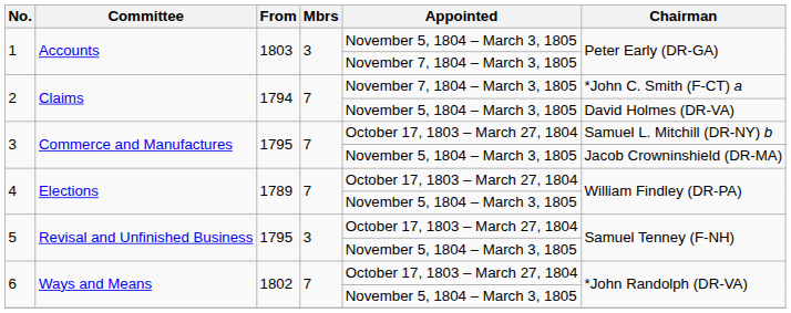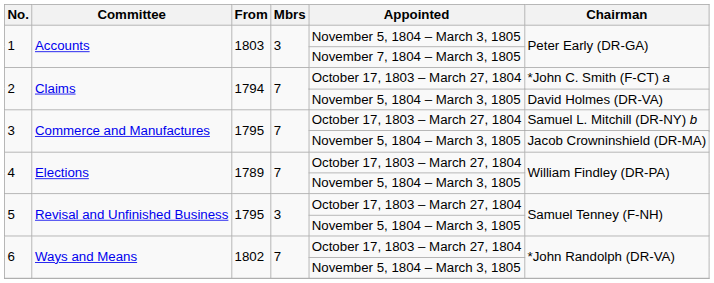 <table class="wikitable">
 <tr valign=bottom>
 <th>No.</th>
 <th>Committee</th>
 <th>From</th>
 <th>Mbrs</th>
 <th>Appointed</th>
 <th>Chairman</th>
 </tr>
 <tr>
 <td rowspan=2>1</td>
 <td rowspan=2><a href='#'>Accounts</a></td>
 <td rowspan=2>1803</td>
 <td rowspan=2>3</td>
 <td>November 5, 1804 – March 3, 1805</td>
 <td rowspan=2>Peter Early (DR-GA)</td>
 </tr>
 <tr>
 <td>November 7, 1804 – March 3, 1805</td>
 </tr>
 <tr>
 <td rowspan=3>2</td>
 <td rowspan=3><a href='#'>Claims</a></td>
 <td rowspan=3>1794</td>
 <td rowspan=3>7</td>
-<td>November 7, 1804 – March 3, 1805</td>
+<td>October 17, 1803 – March 27, 1804</td>
 <td rowspan=2>*John C. Smith (F-CT) <em>a</em></td>
 </tr>
 <tr>
 <td rowspan=2>November 5, 1804 – March 3, 1805</td>
 </tr>
 <tr>
 <td>David Holmes (DR-VA)</td>
 </tr>
 <tr>
 <td rowspan=3>3</td>
 <td rowspan=3><a href='#'>Commerce and Manufactures</a></td>
 <td rowspan=3>1795</td>
 <td rowspan=3>7</td>
 <td>October 17, 1803 – March 27, 1804</td>
 <td rowspan=2>Samuel L. Mitchill (DR-NY) <em>b</em></td>
 </tr>
 <tr>
 <td rowspan=2>November 5, 1804 – March 3, 1805</td>
 </tr>
 <tr>
 <td>Jacob Crowninshield (DR-MA)</td>
 </tr>
 <tr>
 <td rowspan=2>4</td>
 <td rowspan=2><a href='#'>Elections</a></td>
 <td rowspan=2>1789</td>
 <td rowspan=2>7</td>
 <td>October 17, 1803 – March 27, 1804</td>
 <td rowspan=2>William Findley (DR-PA)</td>
 </tr>
 <tr>
 <td>November 5, 1804 – March 3, 1805</td>
 </tr>
 <tr>
 <td rowspan=2>5</td>
 <td rowspan=2><a href='#'>Revisal and Unfinished Business</a></td>
 <td rowspan=2>1795</td>
 <td rowspan=2>3</td>
 <td>October 17, 1803 – March 27, 1804</td>
 <td rowspan=2>Samuel Tenney (F-NH)</td>
 </tr>
 <tr>
 <td>November 5, 1804 – March 3, 1805</td>
 </tr>
 <tr>
 <td rowspan=2>6</td>
 <td rowspan=2><a href='#'>Ways and Means</a></td>
 <td rowspan=2>1802</td>
 <td rowspan=2>7</td>
 <td>October 17, 1803 – March 27, 1804</td>
 <td rowspan=2>*John Randolph (DR-VA)</td>
 </tr>
 <tr>
 <td>November 5, 1804 – March 3, 1805</td>
 </tr>
 <tr>
 </tr>
 </table>
